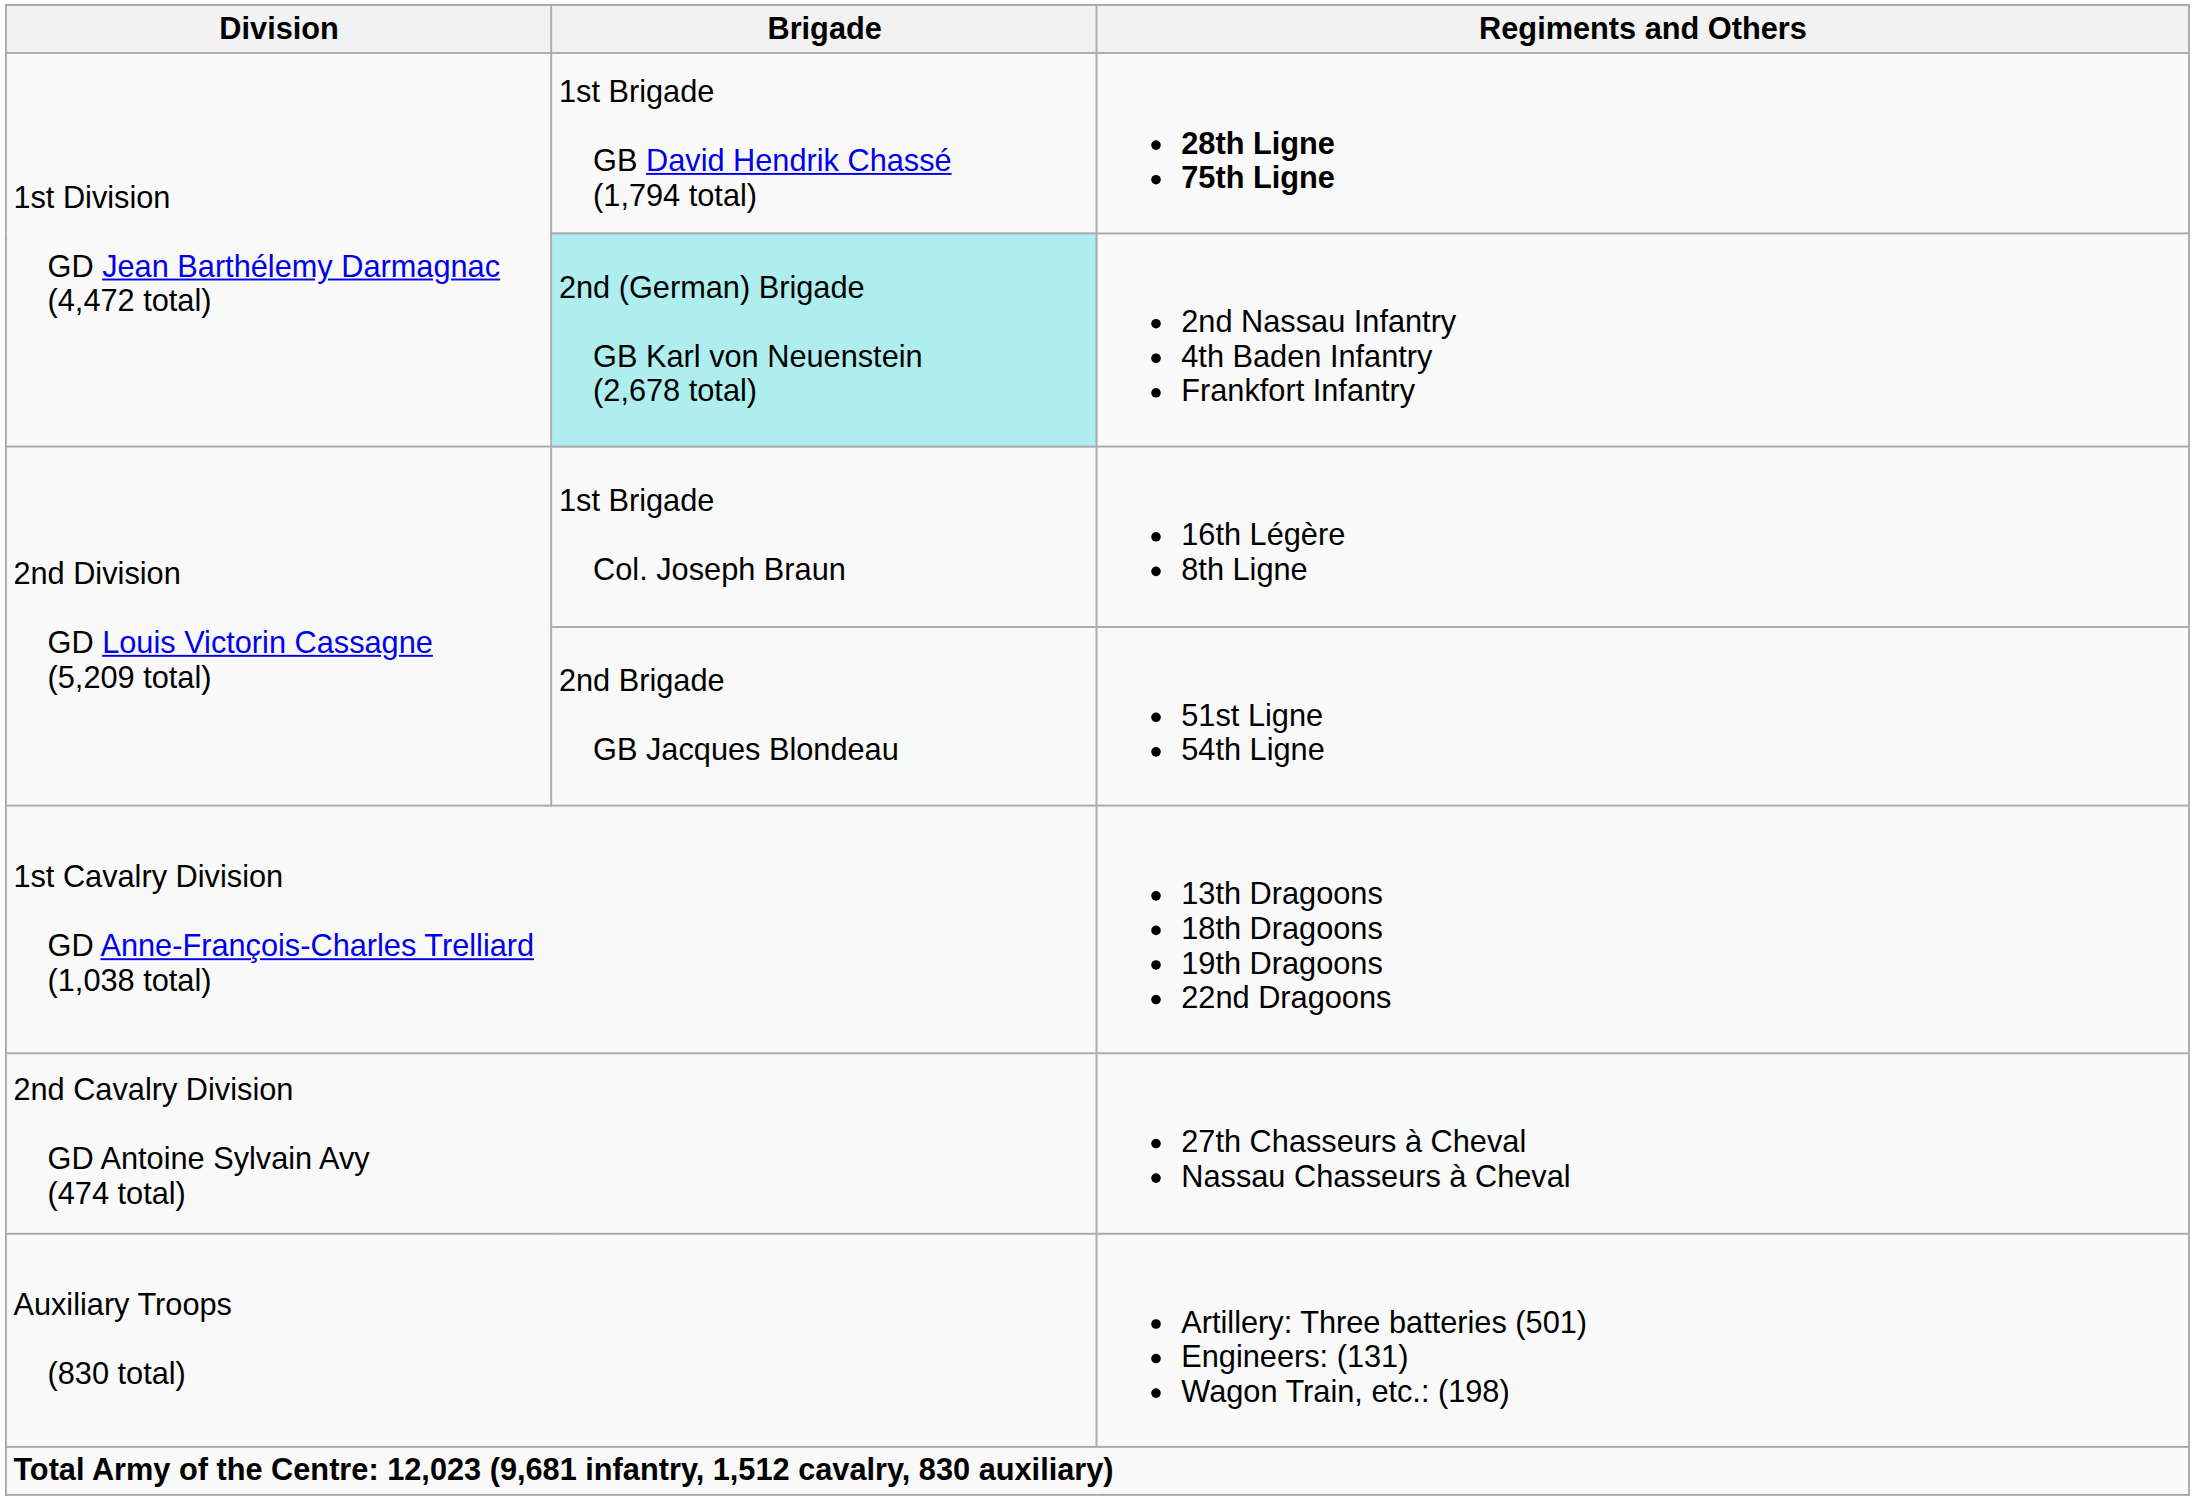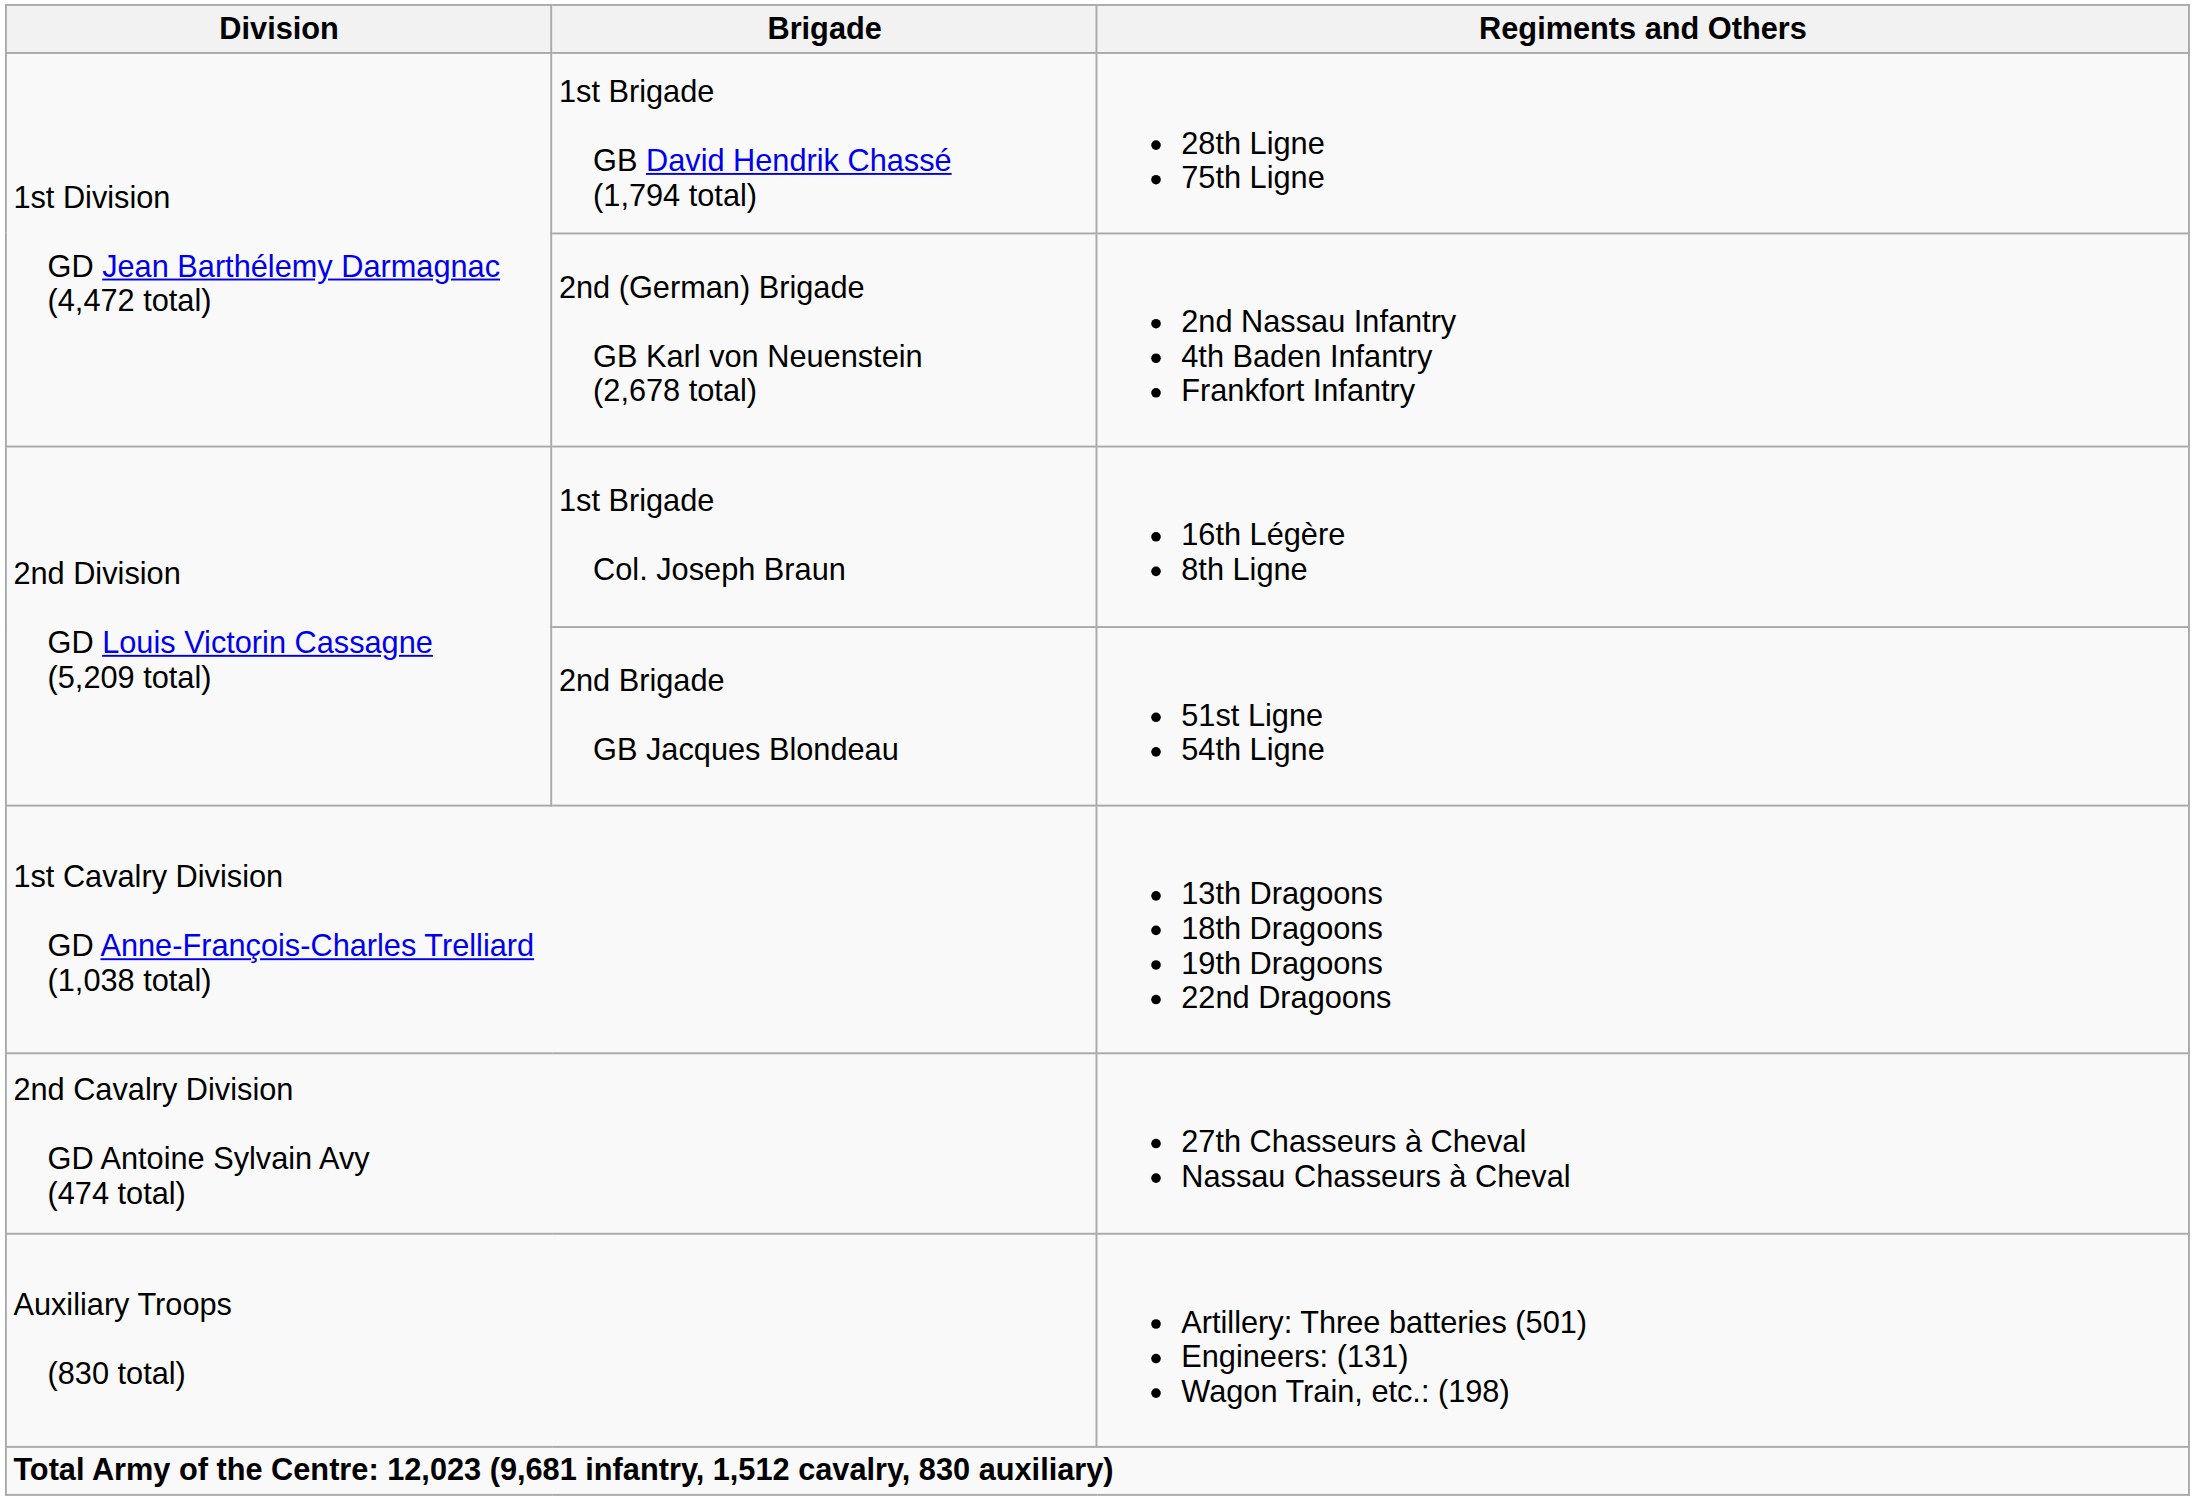 <table class="wikitable" width="90%" style="margin: 1em auto 1em auto">
 <tr>
 <th style="width:25%;">Division</th>
 <th style="width:25%;">Brigade</th>
 <th>Regiments and Others</th>
 </tr>
 <tr>
 <td rowspan=2>1st Division<br><br>    GD <a href='#'>Jean Barthélemy Darmagnac</a> <br>    (4,472 total)</td>
 <td>1st Brigade<br><br>    GB <a href='#'>David Hendrik Chassé</a> <br>    (1,794 total)</td>
-<td><strong><br><ul><li>28th Ligne</li><li>75th Ligne</li></ul></strong></td>
+<td><br><ul><li>28th Ligne</li><li>75th Ligne</li></ul></td>
 </tr>
 <tr>
-<td style="background: paleturquoise;">2nd (German) Brigade<br><br>    GB Karl von Neuenstein <br>    (2,678 total)</td>
+<td>2nd (German) Brigade<br><br>    GB Karl von Neuenstein <br>    (2,678 total)</td>
 <td><br><ul><li>2nd Nassau Infantry</li><li>4th Baden Infantry</li><li>Frankfort Infantry</li></ul></td>
 </tr>
 <tr>
 <td rowspan=2>2nd Division <br><br>    GD <a href='#'>Louis Victorin Cassagne</a> <br>    (5,209 total)</td>
 <td>1st Brigade<br><br>    Col. Joseph Braun</td>
 <td><br><ul><li>16th Légère</li><li>8th Ligne</li></ul></td>
 </tr>
 <tr>
 <td>2nd Brigade<br><br>    GB Jacques Blondeau</td>
 <td><br><ul><li>51st Ligne</li><li>54th Ligne</li></ul></td>
 </tr>
 <tr>
 <td colspan=2>1st Cavalry Division<br><br>    GD <a href='#'>Anne-François-Charles Trelliard</a> <br>    (1,038 total)</td>
 <td><br><ul><li>13th Dragoons</li><li>18th Dragoons</li><li>19th Dragoons</li><li>22nd Dragoons</li></ul></td>
 </tr>
 <tr>
 <td colspan=2>2nd Cavalry Division<br><br>    GD Antoine Sylvain Avy <br>    (474 total)</td>
 <td><br><ul><li>27th Chasseurs à Cheval</li><li>Nassau Chasseurs à Cheval</li></ul></td>
 </tr>
 <tr>
 <td colspan=2>Auxiliary Troops<br><br>    (830 total)</td>
 <td><br><ul><li>Artillery: Three batteries (501)</li><li>Engineers: (131)</li><li>Wagon Train, etc.: (198)</li></ul></td>
 </tr>
 <tr>
 <td colspan=3><strong>Total Army of the Centre: 12,023 (9,681 infantry, 1,512 cavalry, 830 auxiliary)</strong></td>
 </tr>
 </table>
